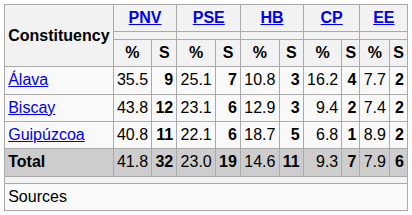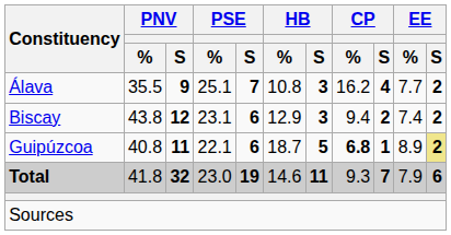 <table class="wikitable sortable" style="text-align:right; line-height:20px;">
 <tr>
 <th rowspan="3">Constituency</th>
 <th colspan="2" width="30px" class="unsortable"><a href='#'>PNV</a></th>
 <th colspan="2" width="30px" class="unsortable"><a href='#'>PSE</a></th>
 <th colspan="2" width="30px" class="unsortable"><a href='#'>HB</a></th>
 <th colspan="2" width="30px" class="unsortable"><a href='#'>CP</a></th>
 <th colspan="2" width="30px" class="unsortable"><a href='#'>EE</a></th>
 </tr>
 <tr>
 <th colspan="2" style="background:"></th>
 <th colspan="2" style="background:"></th>
 <th colspan="2" style="background:"></th>
 <th colspan="2" style="background:"></th>
 <th colspan="2" style="background:"></th>
 </tr>
 <tr>
 <th data-sort-type="number">%</th>
 <th data-sort-type="number">S</th>
 <th data-sort-type="number">%</th>
 <th data-sort-type="number">S</th>
 <th data-sort-type="number">%</th>
 <th data-sort-type="number">S</th>
 <th data-sort-type="number">%</th>
 <th data-sort-type="number">S</th>
 <th data-sort-type="number">%</th>
 <th data-sort-type="number">S</th>
 </tr>
 <tr>
 <td align="left"><a href='#'>Álava</a></td>
 <td style="background:">35.5</td>
 <td><strong>9</strong></td>
 <td>25.1</td>
 <td><strong>7</strong></td>
 <td>10.8</td>
 <td><strong>3</strong></td>
 <td>16.2</td>
 <td><strong>4</strong></td>
 <td>7.7</td>
 <td><strong>2</strong></td>
 </tr>
 <tr>
 <td align="left"><a href='#'>Biscay</a></td>
 <td style="background:">43.8</td>
 <td><strong>12</strong></td>
 <td>23.1</td>
 <td><strong>6</strong></td>
 <td>12.9</td>
 <td><strong>3</strong></td>
 <td>9.4</td>
 <td><strong>2</strong></td>
 <td>7.4</td>
 <td><strong>2</strong></td>
 </tr>
 <tr>
 <td align="left"><a href='#'>Guipúzcoa</a></td>
 <td style="background:">40.8</td>
 <td><strong>11</strong></td>
 <td>22.1</td>
 <td><strong>6</strong></td>
 <td>18.7</td>
 <td><strong>5</strong></td>
-<td>6.8</td>
+<td><strong>6.8</strong></td>
 <td><strong>1</strong></td>
 <td>8.9</td>
-<td><strong>2</strong></td>
+<td style="background: khaki;"><strong>2</strong></td>
 </tr>
 <tr style="background:#CDCDCD;">
 <td align="left"><strong>Total</strong></td>
 <td style="background:">41.8</td>
 <td><strong>32</strong></td>
 <td>23.0</td>
 <td><strong>19</strong></td>
 <td>14.6</td>
 <td><strong>11</strong></td>
 <td>9.3</td>
 <td><strong>7</strong></td>
 <td>7.9</td>
 <td><strong>6</strong></td>
 </tr>
 <tr>
 <th colspan="11"></th>
 </tr>
 <tr>
 <th style="text-align:left; font-weight:normal; background:#F9F9F9" colspan="11">Sources</th>
 </tr>
 </table>
